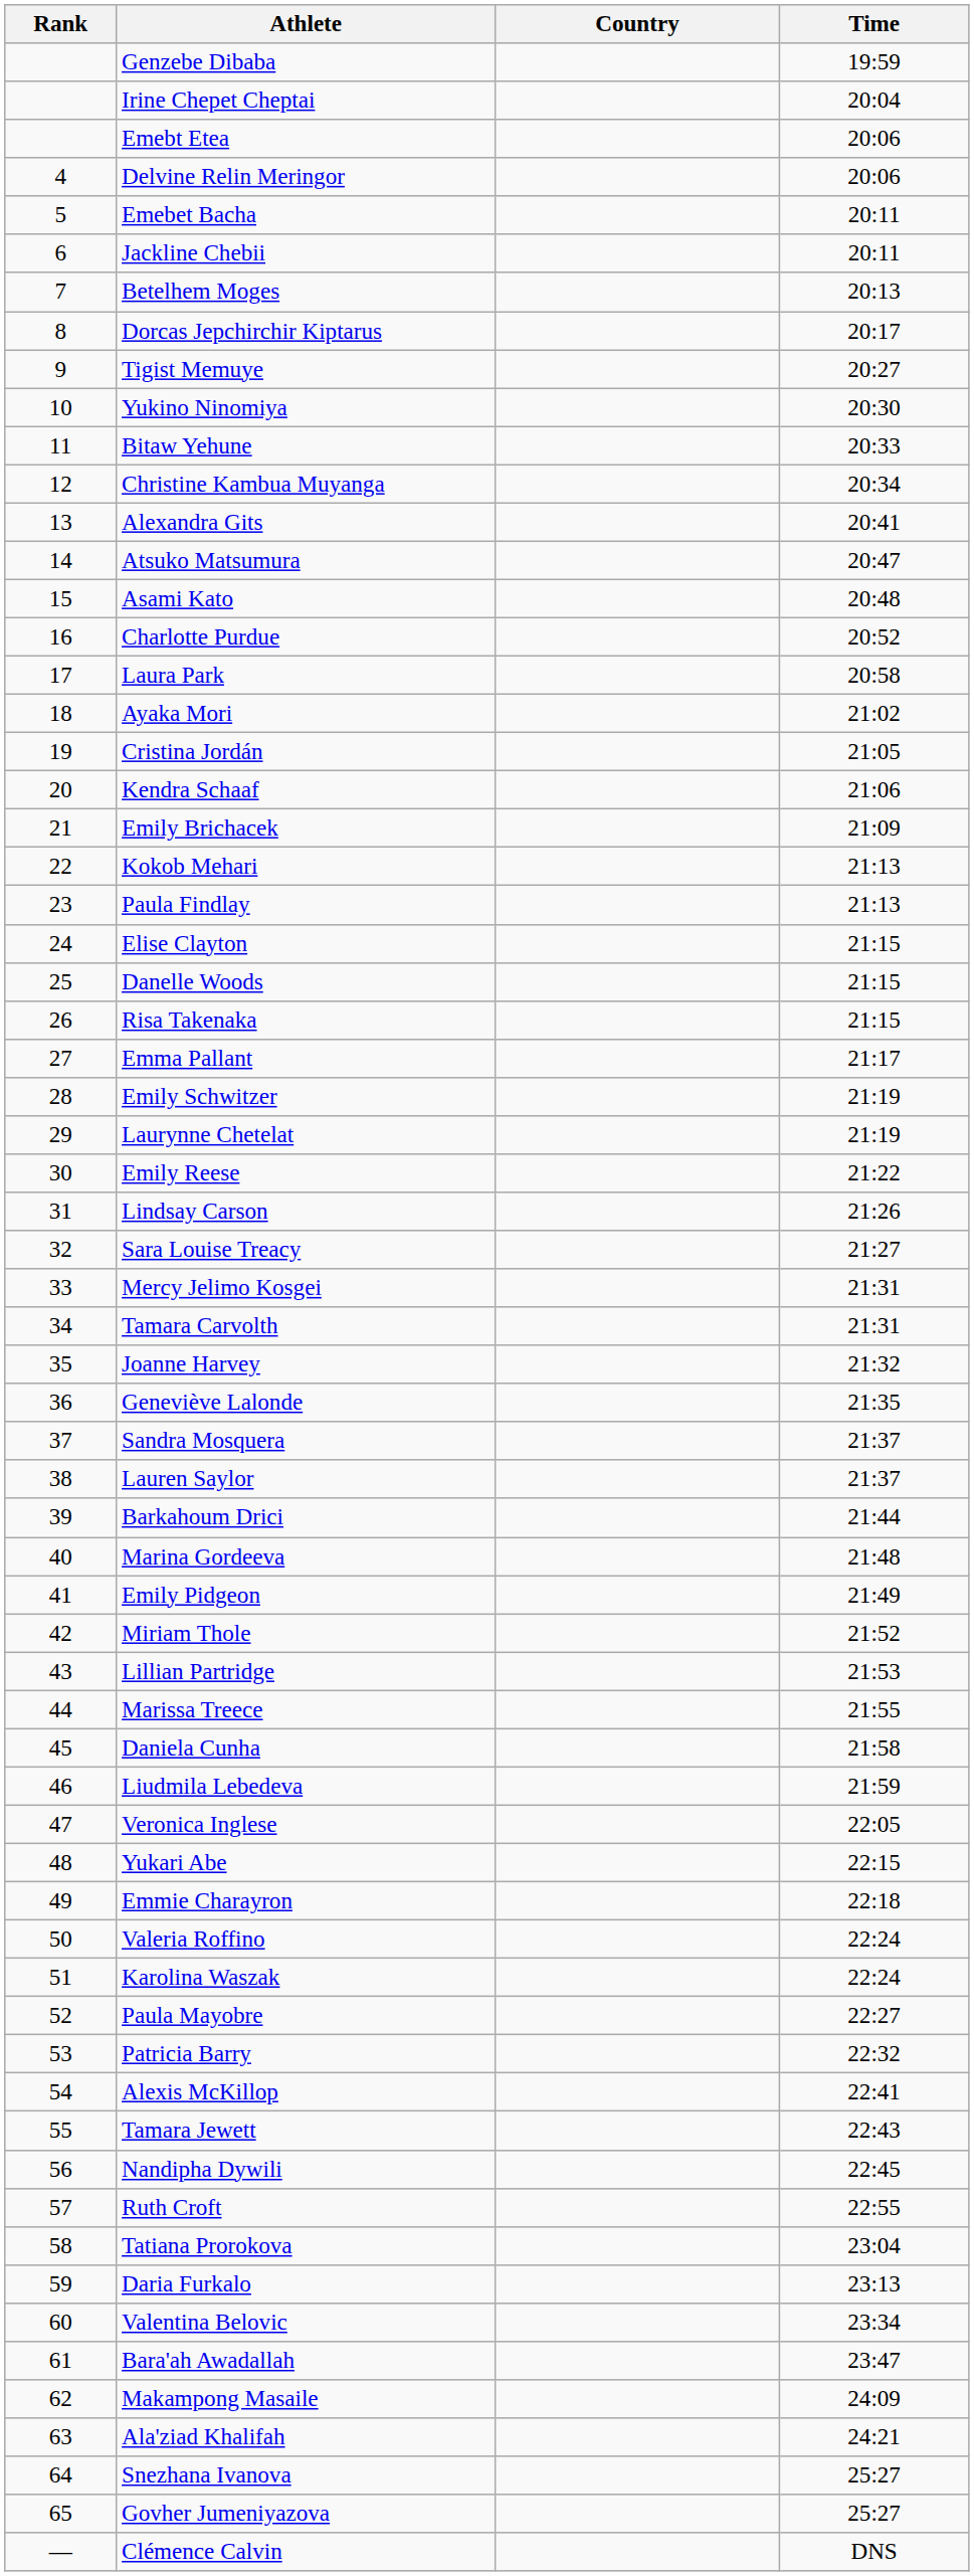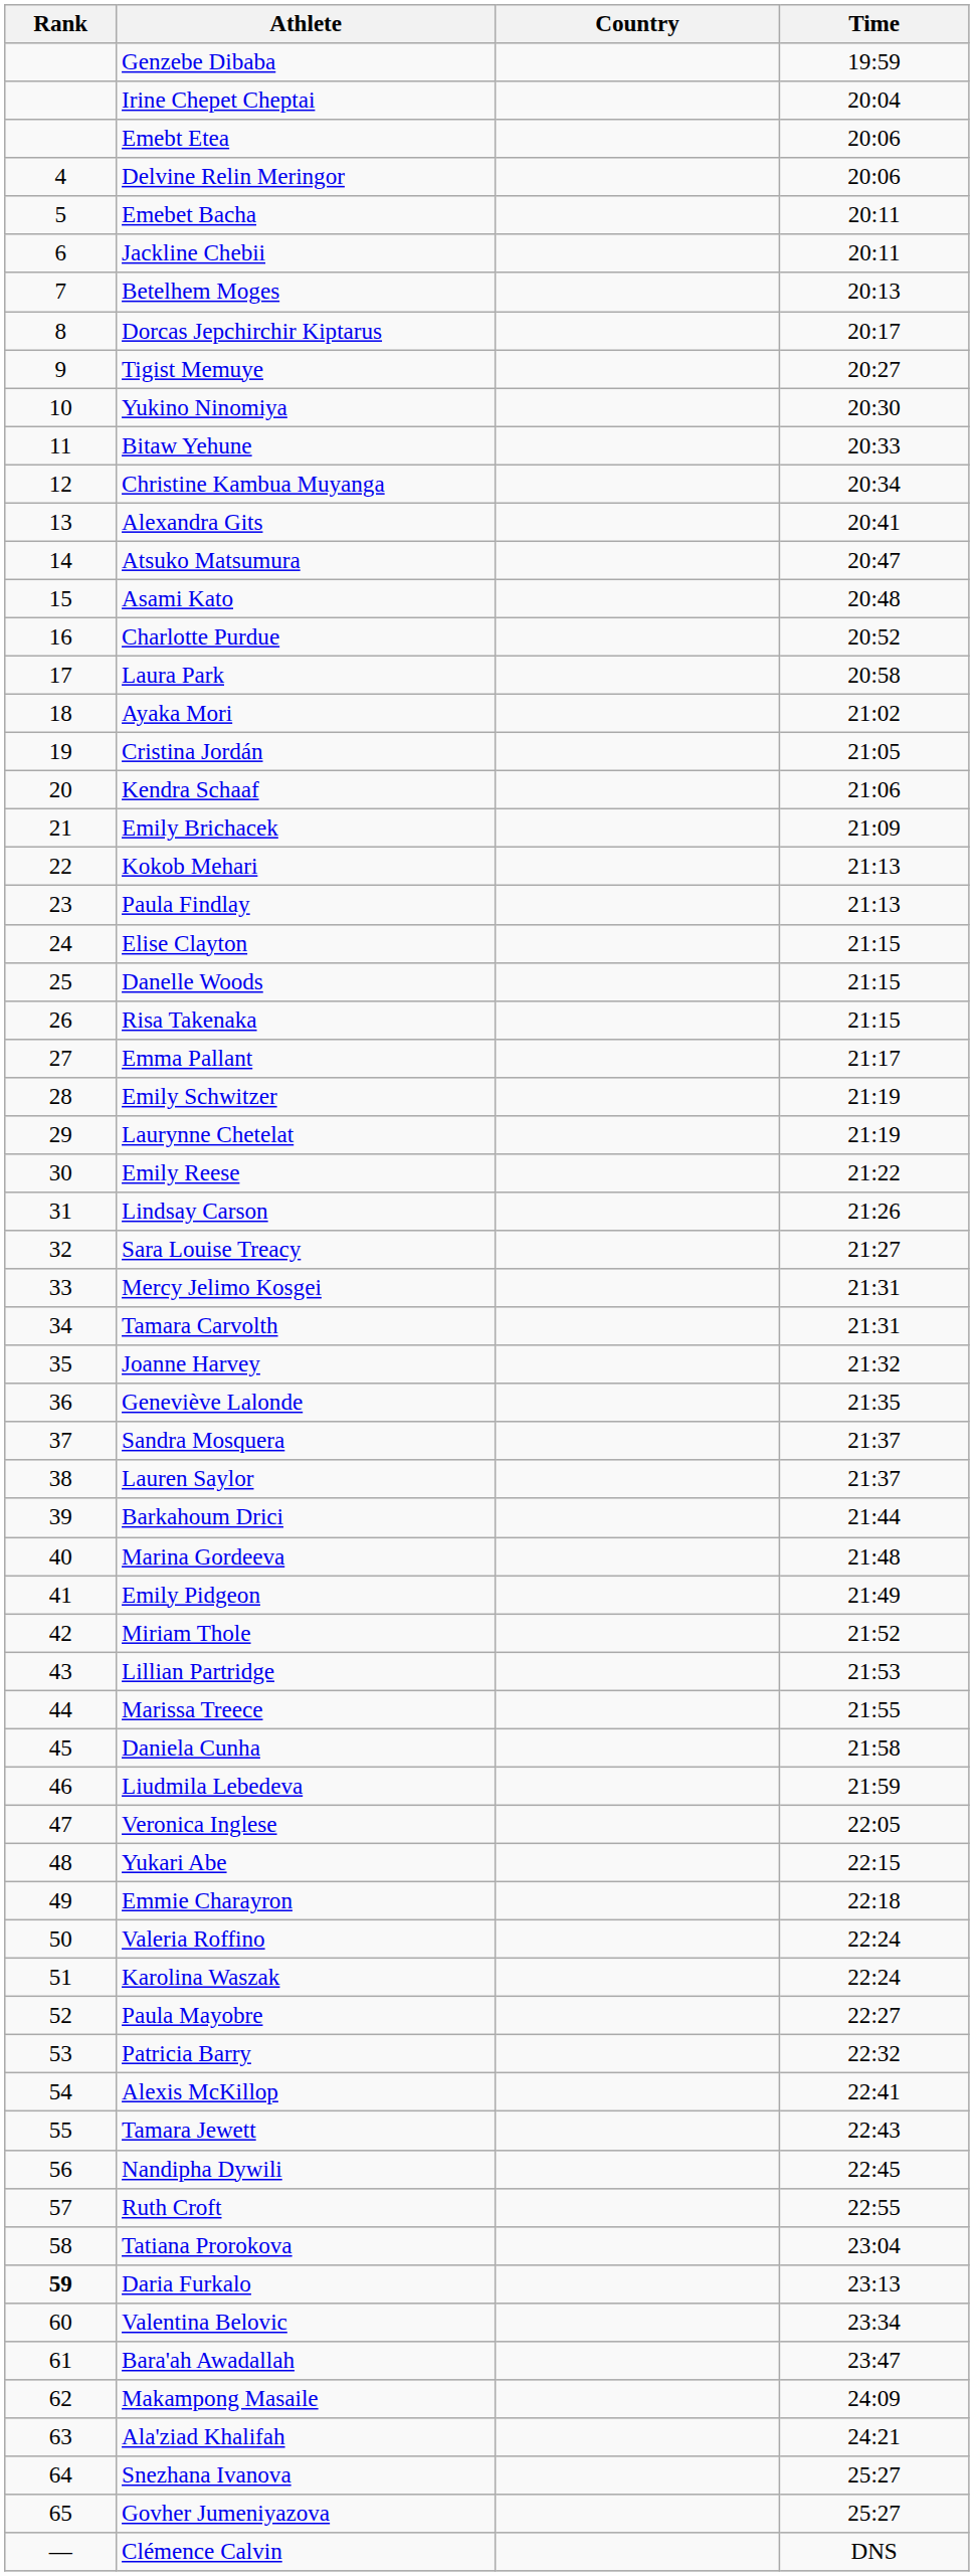 <table class="wikitable sortable" style=" text-align:center; font-size:95%;" width="50%">
 <tr>
 <th width=5%>Rank</th>
 <th width=20%>Athlete</th>
 <th width=15%>Country</th>
 <th width=10%>Time</th>
 </tr>
 <tr>
 <td align=center></td>
 <td align=left><a href='#'>Genzebe Dibaba</a></td>
 <td align=left></td>
 <td>19:59</td>
 </tr>
 <tr>
 <td align=center></td>
 <td align=left><a href='#'>Irine Chepet Cheptai</a></td>
 <td align=left></td>
 <td>20:04</td>
 </tr>
 <tr>
 <td align=center></td>
 <td align=left><a href='#'>Emebt Etea</a></td>
 <td align=left></td>
 <td>20:06</td>
 </tr>
 <tr>
 <td align=center>4</td>
 <td align=left><a href='#'>Delvine Relin Meringor</a></td>
 <td align=left></td>
 <td>20:06</td>
 </tr>
 <tr>
 <td align=center>5</td>
 <td align=left><a href='#'>Emebet Bacha</a></td>
 <td align=left></td>
 <td>20:11</td>
 </tr>
 <tr>
 <td align=center>6</td>
 <td align=left><a href='#'>Jackline Chebii</a></td>
 <td align=left></td>
 <td>20:11</td>
 </tr>
 <tr>
 <td align=center>7</td>
 <td align=left><a href='#'>Betelhem Moges</a></td>
 <td align=left></td>
 <td>20:13</td>
 </tr>
 <tr>
 <td align=center>8</td>
 <td align=left><a href='#'>Dorcas Jepchirchir Kiptarus</a></td>
 <td align=left></td>
 <td>20:17</td>
 </tr>
 <tr>
 <td align=center>9</td>
 <td align=left><a href='#'>Tigist Memuye</a></td>
 <td align=left></td>
 <td>20:27</td>
 </tr>
 <tr>
 <td align=center>10</td>
 <td align=left><a href='#'>Yukino Ninomiya</a></td>
 <td align=left></td>
 <td>20:30</td>
 </tr>
 <tr>
 <td align=center>11</td>
 <td align=left><a href='#'>Bitaw Yehune</a></td>
 <td align=left></td>
 <td>20:33</td>
 </tr>
 <tr>
 <td align=center>12</td>
 <td align=left><a href='#'>Christine Kambua Muyanga</a></td>
 <td align=left></td>
 <td>20:34</td>
 </tr>
 <tr>
 <td align=center>13</td>
 <td align=left><a href='#'>Alexandra Gits</a></td>
 <td align=left></td>
 <td>20:41</td>
 </tr>
 <tr>
 <td align=center>14</td>
 <td align=left><a href='#'>Atsuko Matsumura</a></td>
 <td align=left></td>
 <td>20:47</td>
 </tr>
 <tr>
 <td align=center>15</td>
 <td align=left><a href='#'>Asami Kato</a></td>
 <td align=left></td>
 <td>20:48</td>
 </tr>
 <tr>
 <td align=center>16</td>
 <td align=left><a href='#'>Charlotte Purdue</a></td>
 <td align=left></td>
 <td>20:52</td>
 </tr>
 <tr>
 <td align=center>17</td>
 <td align=left><a href='#'>Laura Park</a></td>
 <td align=left></td>
 <td>20:58</td>
 </tr>
 <tr>
 <td align=center>18</td>
 <td align=left><a href='#'>Ayaka Mori</a></td>
 <td align=left></td>
 <td>21:02</td>
 </tr>
 <tr>
 <td align=center>19</td>
 <td align=left><a href='#'>Cristina Jordán</a></td>
 <td align=left></td>
 <td>21:05</td>
 </tr>
 <tr>
 <td align=center>20</td>
 <td align=left><a href='#'>Kendra Schaaf</a></td>
 <td align=left></td>
 <td>21:06</td>
 </tr>
 <tr>
 <td align=center>21</td>
 <td align=left><a href='#'>Emily Brichacek</a></td>
 <td align=left></td>
 <td>21:09</td>
 </tr>
 <tr>
 <td align=center>22</td>
 <td align=left><a href='#'>Kokob Mehari</a></td>
 <td align=left></td>
 <td>21:13</td>
 </tr>
 <tr>
 <td align=center>23</td>
 <td align=left><a href='#'>Paula Findlay</a></td>
 <td align=left></td>
 <td>21:13</td>
 </tr>
 <tr>
 <td align=center>24</td>
 <td align=left><a href='#'>Elise Clayton</a></td>
 <td align=left></td>
 <td>21:15</td>
 </tr>
 <tr>
 <td align=center>25</td>
 <td align=left><a href='#'>Danelle Woods</a></td>
 <td align=left></td>
 <td>21:15</td>
 </tr>
 <tr>
 <td align=center>26</td>
 <td align=left><a href='#'>Risa Takenaka</a></td>
 <td align=left></td>
 <td>21:15</td>
 </tr>
 <tr>
 <td align=center>27</td>
 <td align=left><a href='#'>Emma Pallant</a></td>
 <td align=left></td>
 <td>21:17</td>
 </tr>
 <tr>
 <td align=center>28</td>
 <td align=left><a href='#'>Emily Schwitzer</a></td>
 <td align=left></td>
 <td>21:19</td>
 </tr>
 <tr>
 <td align=center>29</td>
 <td align=left><a href='#'>Laurynne Chetelat</a></td>
 <td align=left></td>
 <td>21:19</td>
 </tr>
 <tr>
 <td align=center>30</td>
 <td align=left><a href='#'>Emily Reese</a></td>
 <td align=left></td>
 <td>21:22</td>
 </tr>
 <tr>
 <td align=center>31</td>
 <td align=left><a href='#'>Lindsay Carson</a></td>
 <td align=left></td>
 <td>21:26</td>
 </tr>
 <tr>
 <td align=center>32</td>
 <td align=left><a href='#'>Sara Louise Treacy</a></td>
 <td align=left></td>
 <td>21:27</td>
 </tr>
 <tr>
 <td align=center>33</td>
 <td align=left><a href='#'>Mercy Jelimo Kosgei</a></td>
 <td align=left></td>
 <td>21:31</td>
 </tr>
 <tr>
 <td align=center>34</td>
 <td align=left><a href='#'>Tamara Carvolth</a></td>
 <td align=left></td>
 <td>21:31</td>
 </tr>
 <tr>
 <td align=center>35</td>
 <td align=left><a href='#'>Joanne Harvey</a></td>
 <td align=left></td>
 <td>21:32</td>
 </tr>
 <tr>
 <td align=center>36</td>
 <td align=left><a href='#'>Geneviève Lalonde</a></td>
 <td align=left></td>
 <td>21:35</td>
 </tr>
 <tr>
 <td align=center>37</td>
 <td align=left><a href='#'>Sandra Mosquera</a></td>
 <td align=left></td>
 <td>21:37</td>
 </tr>
 <tr>
 <td align=center>38</td>
 <td align=left><a href='#'>Lauren Saylor</a></td>
 <td align=left></td>
 <td>21:37</td>
 </tr>
 <tr>
 <td align=center>39</td>
 <td align=left><a href='#'>Barkahoum Drici</a></td>
 <td align=left></td>
 <td>21:44</td>
 </tr>
 <tr>
 <td align=center>40</td>
 <td align=left><a href='#'>Marina Gordeeva</a></td>
 <td align=left></td>
 <td>21:48</td>
 </tr>
 <tr>
 <td align=center>41</td>
 <td align=left><a href='#'>Emily Pidgeon</a></td>
 <td align=left></td>
 <td>21:49</td>
 </tr>
 <tr>
 <td align=center>42</td>
 <td align=left><a href='#'>Miriam Thole</a></td>
 <td align=left></td>
 <td>21:52</td>
 </tr>
 <tr>
 <td align=center>43</td>
 <td align=left><a href='#'>Lillian Partridge</a></td>
 <td align=left></td>
 <td>21:53</td>
 </tr>
 <tr>
 <td align=center>44</td>
 <td align=left><a href='#'>Marissa Treece</a></td>
 <td align=left></td>
 <td>21:55</td>
 </tr>
 <tr>
 <td align=center>45</td>
 <td align=left><a href='#'>Daniela Cunha</a></td>
 <td align=left></td>
 <td>21:58</td>
 </tr>
 <tr>
 <td align=center>46</td>
 <td align=left><a href='#'>Liudmila Lebedeva</a></td>
 <td align=left></td>
 <td>21:59</td>
 </tr>
 <tr>
 <td align=center>47</td>
 <td align=left><a href='#'>Veronica Inglese</a></td>
 <td align=left></td>
 <td>22:05</td>
 </tr>
 <tr>
 <td align=center>48</td>
 <td align=left><a href='#'>Yukari Abe</a></td>
 <td align=left></td>
 <td>22:15</td>
 </tr>
 <tr>
 <td align=center>49</td>
 <td align=left><a href='#'>Emmie Charayron</a></td>
 <td align=left></td>
 <td>22:18</td>
 </tr>
 <tr>
 <td align=center>50</td>
 <td align=left><a href='#'>Valeria Roffino</a></td>
 <td align=left></td>
 <td>22:24</td>
 </tr>
 <tr>
 <td align=center>51</td>
 <td align=left><a href='#'>Karolina Waszak</a></td>
 <td align=left></td>
 <td>22:24</td>
 </tr>
 <tr>
 <td align=center>52</td>
 <td align=left><a href='#'>Paula Mayobre</a></td>
 <td align=left></td>
 <td>22:27</td>
 </tr>
 <tr>
 <td align=center>53</td>
 <td align=left><a href='#'>Patricia Barry</a></td>
 <td align=left></td>
 <td>22:32</td>
 </tr>
 <tr>
 <td align=center>54</td>
 <td align=left><a href='#'>Alexis McKillop</a></td>
 <td align=left></td>
 <td>22:41</td>
 </tr>
 <tr>
 <td align=center>55</td>
 <td align=left><a href='#'>Tamara Jewett</a></td>
 <td align=left></td>
 <td>22:43</td>
 </tr>
 <tr>
 <td align=center>56</td>
 <td align=left><a href='#'>Nandipha Dywili</a></td>
 <td align=left></td>
 <td>22:45</td>
 </tr>
 <tr>
 <td align=center>57</td>
 <td align=left><a href='#'>Ruth Croft</a></td>
 <td align=left></td>
 <td>22:55</td>
 </tr>
 <tr>
 <td align=center>58</td>
 <td align=left><a href='#'>Tatiana Prorokova</a></td>
 <td align=left></td>
 <td>23:04</td>
 </tr>
 <tr>
-<td align=center>59</td>
+<td align=center><strong>59</strong></td>
 <td align=left><a href='#'>Daria Furkalo</a></td>
 <td align=left></td>
 <td>23:13</td>
 </tr>
 <tr>
 <td align=center>60</td>
 <td align=left><a href='#'>Valentina Belovic</a></td>
 <td align=left></td>
 <td>23:34</td>
 </tr>
 <tr>
 <td align=center>61</td>
 <td align=left><a href='#'>Bara'ah Awadallah</a></td>
 <td align=left></td>
 <td>23:47</td>
 </tr>
 <tr>
 <td align=center>62</td>
 <td align=left><a href='#'>Makampong Masaile</a></td>
 <td align=left></td>
 <td>24:09</td>
 </tr>
 <tr>
 <td align=center>63</td>
 <td align=left><a href='#'>Ala'ziad Khalifah</a></td>
 <td align=left></td>
 <td>24:21</td>
 </tr>
 <tr>
 <td align=center>64</td>
 <td align=left><a href='#'>Snezhana Ivanova</a></td>
 <td align=left></td>
 <td>25:27</td>
 </tr>
 <tr>
 <td align=center>65</td>
 <td align=left><a href='#'>Govher Jumeniyazova</a></td>
 <td align=left></td>
 <td>25:27</td>
 </tr>
 <tr>
 <td align=center>—</td>
 <td align=left><a href='#'>Clémence Calvin</a></td>
 <td align=left></td>
 <td>DNS</td>
 </tr>
 </table>
